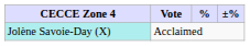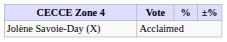 <table class="wikitable">
 <tr>
 <th style="background:#DDDDFF" width="200px">CECCE Zone 4</th>
 <th style="background:#DDDDFF" width="50px">Vote</th>
 <th style="background:#DDDDFF" width="30px">%</th>
 <th style="background:#DDDDFF" width="30px">±%</th>
 </tr>
 <tr>
-<td style="background: paleturquoise;">Jolène Savoie-Day (X)</td>
+<td>Jolène Savoie-Day (X)</td>
 <td colspan="3">Acclaimed</td>
 </tr>
 </table>
